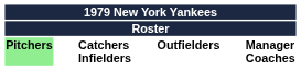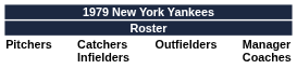 <table class="toccolours" style="font-size: 95%;">
 <tr>
 <th colspan="10" style="background-color: #1c2841; color: white; text-align: center;">1979 New York Yankees</th>
 </tr>
 <tr>
 <td colspan="10" style="background-color: #1c2841; color: white; text-align: center;"><strong>Roster</strong></td>
 </tr>
 <tr>
-<td valign="top" style="background: lightgreen;"><strong>Pitchers</strong><br>                  </td>
+<td valign="top"><strong>Pitchers</strong><br>                  </td>
 <td width="25px"></td>
 <td valign="top"><strong>Catchers</strong><br>     <strong>Infielders</strong>           </td>
 <td width="25px"></td>
 <td valign="top"><strong>Outfielders</strong><br>           </td>
 <td width="25px"></td>
 <td valign="top"><strong>Manager</strong><br>  <strong>Coaches</strong>       </td>
 </tr>
 </table>
